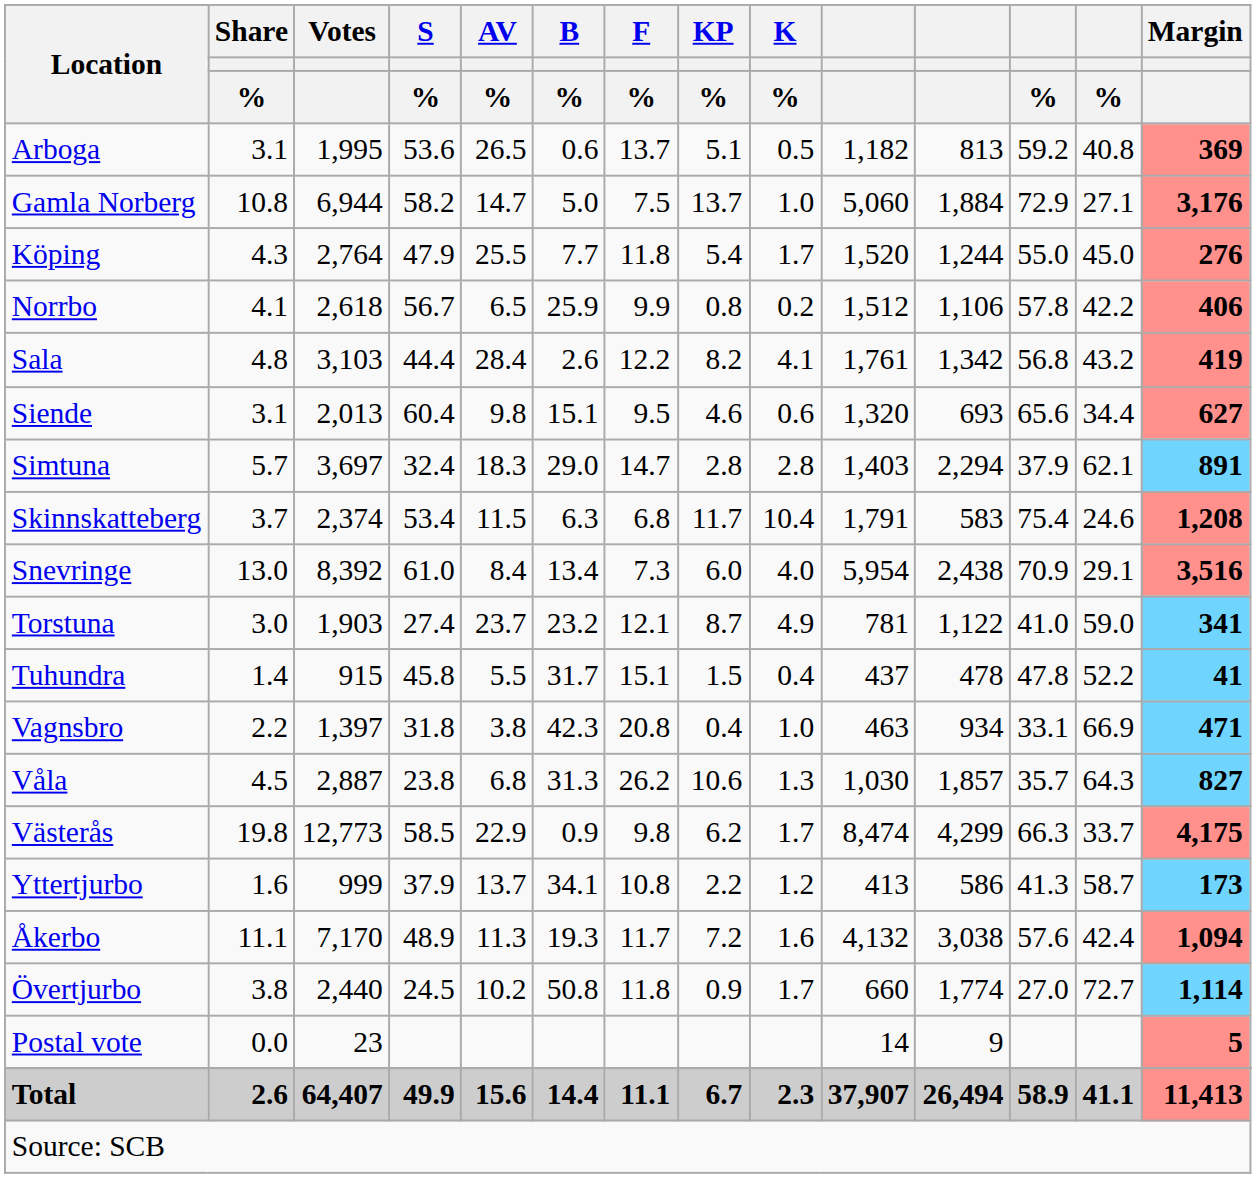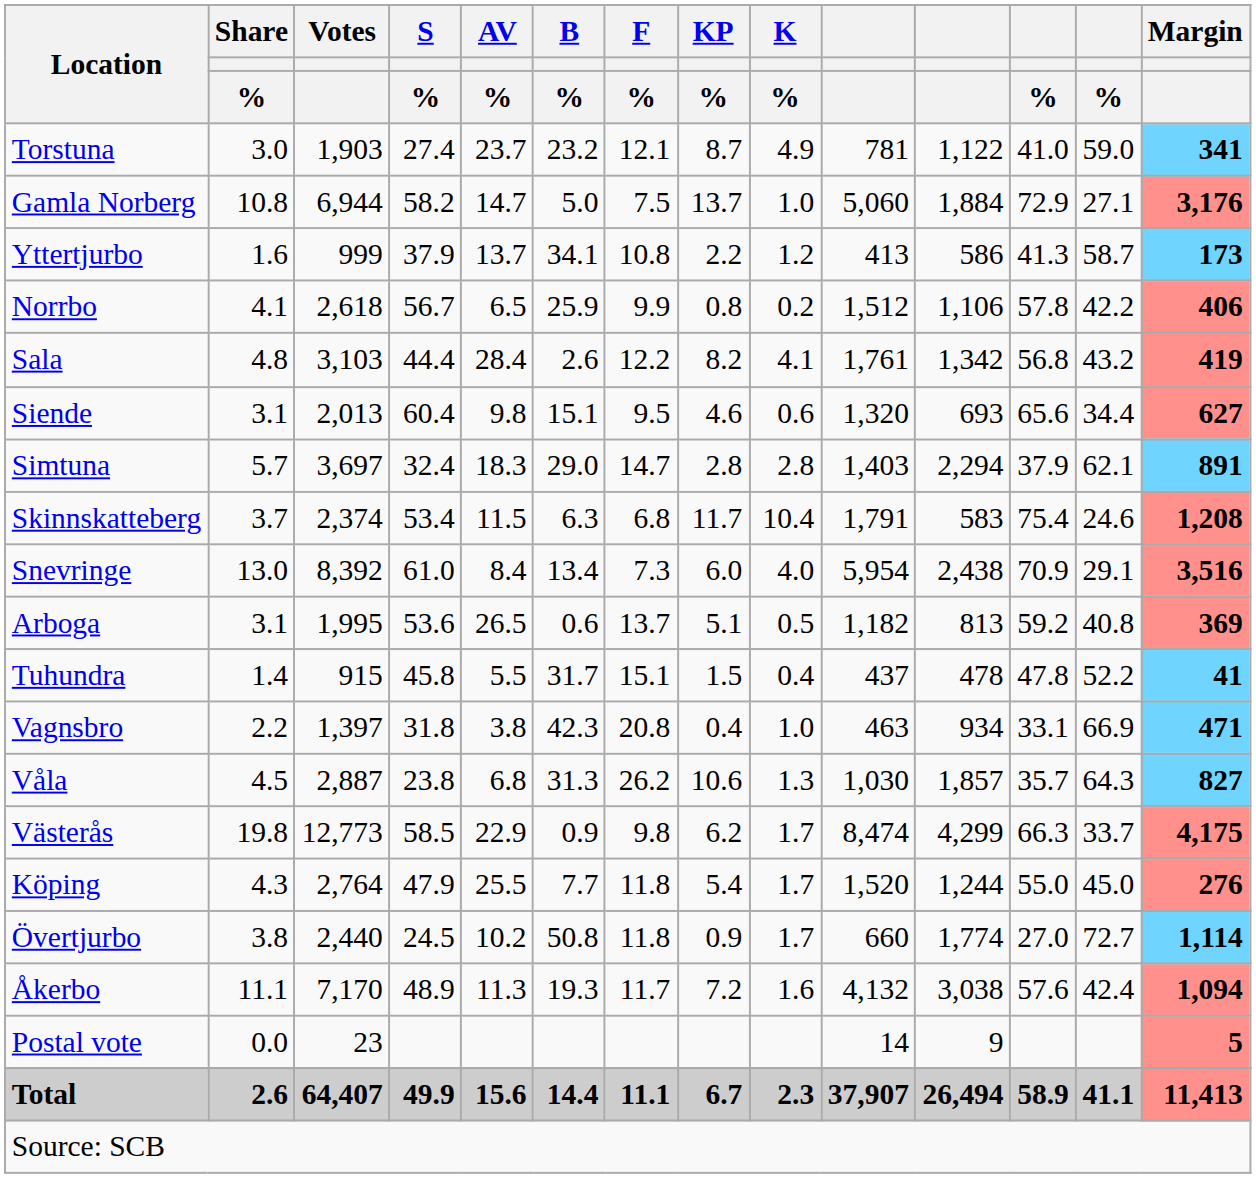 <table class="wikitable sortable" style="text-align:right; font-size:95%; line-height:20px;">
 <tr>
 <th rowspan="3">Location</th>
 <th>Share</th>
 <th>Votes</th>
 <th width="30px" class="unsortable"><a href='#'>S</a></th>
 <th width="30px" class="unsortable"><a href='#'>AV</a></th>
 <th width="30px" class="unsortable"><a href='#'>B</a></th>
 <th width="30px" class="unsortable"><a href='#'>F</a></th>
 <th width="30px" class="unsortable"><a href='#'>KP</a></th>
 <th width="30px" class="unsortable"><a href='#'>K</a></th>
 <th></th>
 <th></th>
 <th></th>
 <th></th>
 <th>Margin</th>
 </tr>
 <tr>
 <th></th>
 <th></th>
 <th style="background:"></th>
 <th style="background:"></th>
 <th style="background:"></th>
 <th style="background:"></th>
 <th style="background:"></th>
 <th style="background:"></th>
 <th style="background:"></th>
 <th style="background:"></th>
 <th style="background:"></th>
 <th style="background:"></th>
 <th></th>
 </tr>
 <tr>
 <th data-sort-type="number">%</th>
 <th></th>
 <th data-sort-type="number">%</th>
 <th data-sort-type="number">%</th>
 <th data-sort-type="number">%</th>
 <th data-sort-type="number">%</th>
 <th data-sort-type="number">%</th>
 <th data-sort-type="number">%</th>
 <th></th>
 <th></th>
 <th data-sort-type="number">%</th>
 <th data-sort-type="number">%</th>
 <th></th>
 </tr>
 <tr>
-<td align=left><a href='#'>Arboga</a></td>
-<td>3.1</td>
-<td>1,995</td>
-<td>53.6</td>
-<td>26.5</td>
-<td>0.6</td>
-<td>13.7</td>
-<td>5.1</td>
-<td>0.5</td>
-<td>1,182</td>
-<td>813</td>
-<td>59.2</td>
-<td>40.8</td>
-<td bgcolor=#ff908c><strong>369</strong></td>
+<td align=left><a href='#'>Torstuna</a></td>
+<td>3.0</td>
+<td>1,903</td>
+<td>27.4</td>
+<td>23.7</td>
+<td>23.2</td>
+<td>12.1</td>
+<td>8.7</td>
+<td>4.9</td>
+<td>781</td>
+<td>1,122</td>
+<td>41.0</td>
+<td>59.0</td>
+<td bgcolor=#6fd5fe><strong>341</strong></td>
 </tr>
 <tr>
 <td align=left><a href='#'>Gamla Norberg</a></td>
 <td>10.8</td>
 <td>6,944</td>
 <td>58.2</td>
 <td>14.7</td>
 <td>5.0</td>
 <td>7.5</td>
 <td>13.7</td>
 <td>1.0</td>
 <td>5,060</td>
 <td>1,884</td>
 <td>72.9</td>
 <td>27.1</td>
 <td bgcolor=#ff908c><strong>3,176</strong></td>
 </tr>
 <tr>
-<td align=left><a href='#'>Köping</a></td>
-<td>4.3</td>
-<td>2,764</td>
-<td>47.9</td>
-<td>25.5</td>
-<td>7.7</td>
-<td>11.8</td>
-<td>5.4</td>
-<td>1.7</td>
-<td>1,520</td>
-<td>1,244</td>
-<td>55.0</td>
-<td>45.0</td>
-<td bgcolor=#ff908c><strong>276</strong></td>
+<td align=left><a href='#'>Yttertjurbo</a></td>
+<td>1.6</td>
+<td>999</td>
+<td>37.9</td>
+<td>13.7</td>
+<td>34.1</td>
+<td>10.8</td>
+<td>2.2</td>
+<td>1.2</td>
+<td>413</td>
+<td>586</td>
+<td>41.3</td>
+<td>58.7</td>
+<td bgcolor=#6fd5fe><strong>173</strong></td>
 </tr>
 <tr>
 <td align=left><a href='#'>Norrbo</a></td>
 <td>4.1</td>
 <td>2,618</td>
 <td>56.7</td>
 <td>6.5</td>
 <td>25.9</td>
 <td>9.9</td>
 <td>0.8</td>
 <td>0.2</td>
 <td>1,512</td>
 <td>1,106</td>
 <td>57.8</td>
 <td>42.2</td>
 <td bgcolor=#ff908c><strong>406</strong></td>
 </tr>
 <tr>
 <td align=left><a href='#'>Sala</a></td>
 <td>4.8</td>
 <td>3,103</td>
 <td>44.4</td>
 <td>28.4</td>
 <td>2.6</td>
 <td>12.2</td>
 <td>8.2</td>
 <td>4.1</td>
 <td>1,761</td>
 <td>1,342</td>
 <td>56.8</td>
 <td>43.2</td>
 <td bgcolor=#ff908c><strong>419</strong></td>
 </tr>
 <tr>
 <td align=left><a href='#'>Siende</a></td>
 <td>3.1</td>
 <td>2,013</td>
 <td>60.4</td>
 <td>9.8</td>
 <td>15.1</td>
 <td>9.5</td>
 <td>4.6</td>
 <td>0.6</td>
 <td>1,320</td>
 <td>693</td>
 <td>65.6</td>
 <td>34.4</td>
 <td bgcolor=#ff908c><strong>627</strong></td>
 </tr>
 <tr>
 <td align=left><a href='#'>Simtuna</a></td>
 <td>5.7</td>
 <td>3,697</td>
 <td>32.4</td>
 <td>18.3</td>
 <td>29.0</td>
 <td>14.7</td>
 <td>2.8</td>
 <td>2.8</td>
 <td>1,403</td>
 <td>2,294</td>
 <td>37.9</td>
 <td>62.1</td>
 <td bgcolor=#6fd5fe><strong>891</strong></td>
 </tr>
 <tr>
 <td align=left><a href='#'>Skinnskatteberg</a></td>
 <td>3.7</td>
 <td>2,374</td>
 <td>53.4</td>
 <td>11.5</td>
 <td>6.3</td>
 <td>6.8</td>
 <td>11.7</td>
 <td>10.4</td>
 <td>1,791</td>
 <td>583</td>
 <td>75.4</td>
 <td>24.6</td>
 <td bgcolor=#ff908c><strong>1,208</strong></td>
 </tr>
 <tr>
 <td align=left><a href='#'>Snevringe</a></td>
 <td>13.0</td>
 <td>8,392</td>
 <td>61.0</td>
 <td>8.4</td>
 <td>13.4</td>
 <td>7.3</td>
 <td>6.0</td>
 <td>4.0</td>
 <td>5,954</td>
 <td>2,438</td>
 <td>70.9</td>
 <td>29.1</td>
 <td bgcolor=#ff908c><strong>3,516</strong></td>
 </tr>
 <tr>
-<td align=left><a href='#'>Torstuna</a></td>
-<td>3.0</td>
-<td>1,903</td>
-<td>27.4</td>
-<td>23.7</td>
-<td>23.2</td>
-<td>12.1</td>
-<td>8.7</td>
-<td>4.9</td>
-<td>781</td>
-<td>1,122</td>
-<td>41.0</td>
-<td>59.0</td>
-<td bgcolor=#6fd5fe><strong>341</strong></td>
+<td align=left><a href='#'>Arboga</a></td>
+<td>3.1</td>
+<td>1,995</td>
+<td>53.6</td>
+<td>26.5</td>
+<td>0.6</td>
+<td>13.7</td>
+<td>5.1</td>
+<td>0.5</td>
+<td>1,182</td>
+<td>813</td>
+<td>59.2</td>
+<td>40.8</td>
+<td bgcolor=#ff908c><strong>369</strong></td>
 </tr>
 <tr>
 <td align=left><a href='#'>Tuhundra</a></td>
 <td>1.4</td>
 <td>915</td>
 <td>45.8</td>
 <td>5.5</td>
 <td>31.7</td>
 <td>15.1</td>
 <td>1.5</td>
 <td>0.4</td>
 <td>437</td>
 <td>478</td>
 <td>47.8</td>
 <td>52.2</td>
 <td bgcolor=#6fd5fe><strong>41</strong></td>
 </tr>
 <tr>
 <td align=left><a href='#'>Vagnsbro</a></td>
 <td>2.2</td>
 <td>1,397</td>
 <td>31.8</td>
 <td>3.8</td>
 <td>42.3</td>
 <td>20.8</td>
 <td>0.4</td>
 <td>1.0</td>
 <td>463</td>
 <td>934</td>
 <td>33.1</td>
 <td>66.9</td>
 <td bgcolor=#6fd5fe><strong>471</strong></td>
 </tr>
 <tr>
 <td align=left><a href='#'>Våla</a></td>
 <td>4.5</td>
 <td>2,887</td>
 <td>23.8</td>
 <td>6.8</td>
 <td>31.3</td>
 <td>26.2</td>
 <td>10.6</td>
 <td>1.3</td>
 <td>1,030</td>
 <td>1,857</td>
 <td>35.7</td>
 <td>64.3</td>
 <td bgcolor=#6fd5fe><strong>827</strong></td>
 </tr>
 <tr>
 <td align=left><a href='#'>Västerås</a></td>
 <td>19.8</td>
 <td>12,773</td>
 <td>58.5</td>
 <td>22.9</td>
 <td>0.9</td>
 <td>9.8</td>
 <td>6.2</td>
 <td>1.7</td>
 <td>8,474</td>
 <td>4,299</td>
 <td>66.3</td>
 <td>33.7</td>
 <td bgcolor=#ff908c><strong>4,175</strong></td>
 </tr>
 <tr>
-<td align=left><a href='#'>Yttertjurbo</a></td>
-<td>1.6</td>
-<td>999</td>
-<td>37.9</td>
-<td>13.7</td>
-<td>34.1</td>
-<td>10.8</td>
-<td>2.2</td>
-<td>1.2</td>
-<td>413</td>
-<td>586</td>
-<td>41.3</td>
-<td>58.7</td>
-<td bgcolor=#6fd5fe><strong>173</strong></td>
+<td align=left><a href='#'>Köping</a></td>
+<td>4.3</td>
+<td>2,764</td>
+<td>47.9</td>
+<td>25.5</td>
+<td>7.7</td>
+<td>11.8</td>
+<td>5.4</td>
+<td>1.7</td>
+<td>1,520</td>
+<td>1,244</td>
+<td>55.0</td>
+<td>45.0</td>
+<td bgcolor=#ff908c><strong>276</strong></td>
+</tr>
+<tr>
+<td align=left><a href='#'>Övertjurbo</a></td>
+<td>3.8</td>
+<td>2,440</td>
+<td>24.5</td>
+<td>10.2</td>
+<td>50.8</td>
+<td>11.8</td>
+<td>0.9</td>
+<td>1.7</td>
+<td>660</td>
+<td>1,774</td>
+<td>27.0</td>
+<td>72.7</td>
+<td bgcolor=#6fd5fe><strong>1,114</strong></td>
 </tr>
 <tr>
 <td align=left><a href='#'>Åkerbo</a></td>
 <td>11.1</td>
 <td>7,170</td>
 <td>48.9</td>
 <td>11.3</td>
 <td>19.3</td>
 <td>11.7</td>
 <td>7.2</td>
 <td>1.6</td>
 <td>4,132</td>
 <td>3,038</td>
 <td>57.6</td>
 <td>42.4</td>
 <td bgcolor=#ff908c><strong>1,094</strong></td>
-</tr>
-<tr>
-<td align=left><a href='#'>Övertjurbo</a></td>
-<td>3.8</td>
-<td>2,440</td>
-<td>24.5</td>
-<td>10.2</td>
-<td>50.8</td>
-<td>11.8</td>
-<td>0.9</td>
-<td>1.7</td>
-<td>660</td>
-<td>1,774</td>
-<td>27.0</td>
-<td>72.7</td>
-<td bgcolor=#6fd5fe><strong>1,114</strong></td>
 </tr>
 <tr>
 <td align=left><a href='#'>Postal vote</a></td>
 <td>0.0</td>
 <td>23</td>
 <td></td>
 <td></td>
 <td></td>
 <td></td>
 <td></td>
 <td></td>
 <td>14</td>
 <td>9</td>
 <td></td>
 <td></td>
 <td bgcolor=#ff908c><strong>5</strong></td>
 </tr>
 <tr>
 </tr>
 <tr style="background:#CDCDCD;">
 <td align=left><strong>Total</strong></td>
 <td><strong>2.6</strong></td>
 <td><strong>64,407</strong></td>
 <td><strong>49.9</strong></td>
 <td><strong>15.6</strong></td>
 <td><strong>14.4</strong></td>
 <td><strong>11.1</strong></td>
 <td><strong>6.7</strong></td>
 <td><strong>2.3</strong></td>
 <td><strong>37,907</strong></td>
 <td><strong>26,494</strong></td>
 <td><strong>58.9</strong></td>
 <td><strong>41.1</strong></td>
 <td bgcolor=#ff908c><strong>11,413</strong></td>
 </tr>
 <tr>
 <td align=left colspan=14>Source: SCB </td>
 </tr>
 </table>
